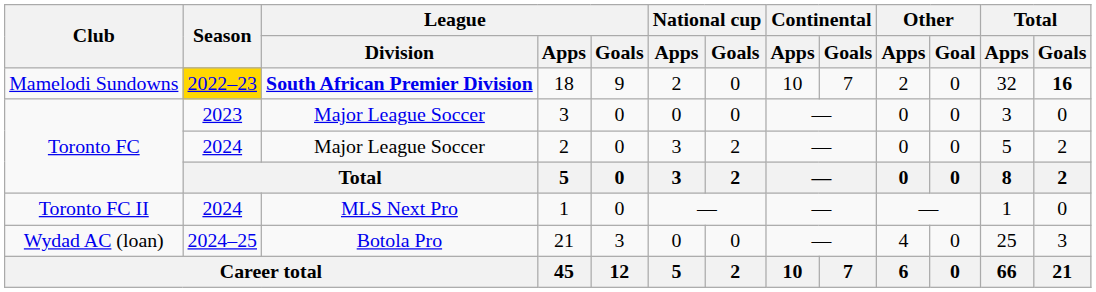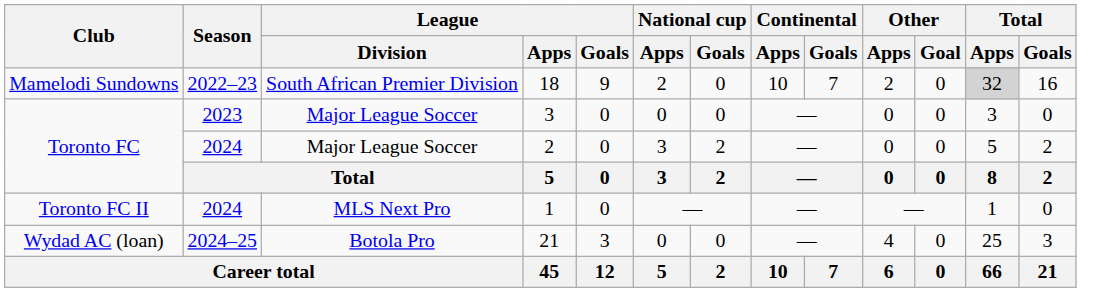 <table class= "wikitable" style="text-align:center">
 <tr>
 <th rowspan="2">Club</th>
 <th rowspan="2">Season</th>
 <th colspan="3">League</th>
 <th colspan="2">National cup</th>
 <th colspan="2">Continental</th>
 <th colspan="2">Other</th>
 <th colspan="2">Total</th>
 </tr>
 <tr>
 <th>Division</th>
 <th>Apps</th>
 <th>Goals</th>
 <th>Apps</th>
 <th>Goals</th>
 <th>Apps</th>
 <th>Goals</th>
 <th>Apps</th>
 <th>Goal</th>
 <th>Apps</th>
 <th>Goals</th>
 </tr>
 <tr>
 <td><a href='#'>Mamelodi Sundowns</a></td>
-<td style="background: gold;"><a href='#'>2022–23</a></td>
-<td><strong><a href='#'>South African Premier Division</a></strong></td>
+<td><a href='#'>2022–23</a></td>
+<td><a href='#'>South African Premier Division</a></td>
 <td>18</td>
 <td>9</td>
 <td>2</td>
 <td>0</td>
 <td>10</td>
 <td>7</td>
 <td>2</td>
 <td>0</td>
-<td>32</td>
-<td><strong>16</strong></td>
+<td style="background: lightgrey;">32</td>
+<td>16</td>
 </tr>
 <tr>
 <td rowspan="3"><a href='#'>Toronto FC</a></td>
 <td><a href='#'>2023</a></td>
 <td><a href='#'>Major League Soccer</a></td>
 <td>3</td>
 <td>0</td>
 <td>0</td>
 <td>0</td>
 <td colspan="2">—</td>
 <td>0</td>
 <td>0</td>
 <td>3</td>
 <td>0</td>
 </tr>
 <tr>
 <td><a href='#'>2024</a></td>
 <td>Major League Soccer</td>
 <td>2</td>
 <td>0</td>
 <td>3</td>
 <td>2</td>
 <td colspan="2">—</td>
 <td>0</td>
 <td>0</td>
 <td>5</td>
 <td>2</td>
 </tr>
 <tr>
 <th colspan="2">Total</th>
 <th>5</th>
 <th>0</th>
 <th>3</th>
 <th>2</th>
 <th colspan="2">—</th>
 <th>0</th>
 <th>0</th>
 <th>8</th>
 <th>2</th>
 </tr>
 <tr>
 <td><a href='#'>Toronto FC II</a></td>
 <td><a href='#'>2024</a></td>
 <td><a href='#'>MLS Next Pro</a></td>
 <td>1</td>
 <td>0</td>
 <td colspan="2">—</td>
 <td colspan="2">—</td>
 <td colspan="2">—</td>
 <td>1</td>
 <td>0</td>
 </tr>
 <tr>
 <td><a href='#'>Wydad AC</a> (loan)</td>
 <td><a href='#'>2024–25</a></td>
 <td><a href='#'>Botola Pro</a></td>
 <td>21</td>
 <td>3</td>
 <td>0</td>
 <td>0</td>
 <td colspan="2">—</td>
 <td>4</td>
 <td>0</td>
 <td>25</td>
 <td>3</td>
 </tr>
 <tr>
 <th colspan="3">Career total</th>
 <th>45</th>
 <th>12</th>
 <th>5</th>
 <th>2</th>
 <th>10</th>
 <th>7</th>
 <th>6</th>
 <th>0</th>
 <th>66</th>
 <th>21</th>
 </tr>
 </table>
